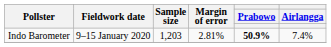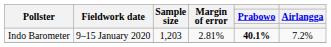 <table class="wikitable" style="text-align:center; font-size:90%; line-height:14px;">
 <tr bgcolor=lightgray>
 <th style="width:95px;" rowspan="3">Pollster</th>
 <th style="width:110px;" rowspan="3">Fieldwork date</th>
 <th style="width:35px;" rowspan="3">Sample size</th>
 <th rowspan="3" style="width:60px;">Margin of error</th>
 <th style="width:60px;"></th>
 <th style="width:60px;"></th>
 </tr>
 <tr>
 <th><a href='#'>Prabowo</a> <br></th>
 <th><a href='#'>Airlangga</a>  <br></th>
 </tr>
 <tr>
 <th class="unsortable" style="color:inherit;background:"></th>
 <th class="unsortable" style="color:inherit;background:"></th>
 </tr>
 <tr>
 <td>Indo Barometer</td>
 <td>9–15 January 2020</td>
 <td>1,203</td>
 <td>2.81%</td>
-<td style="background-color:#"><strong>50.9%</strong></td>
-<td>7.4%</td>
+<td style="background-color:#"><strong>40.1%</strong></td>
+<td>7.2%</td>
 </tr>
 <tr>
 </tr>
 </table>
